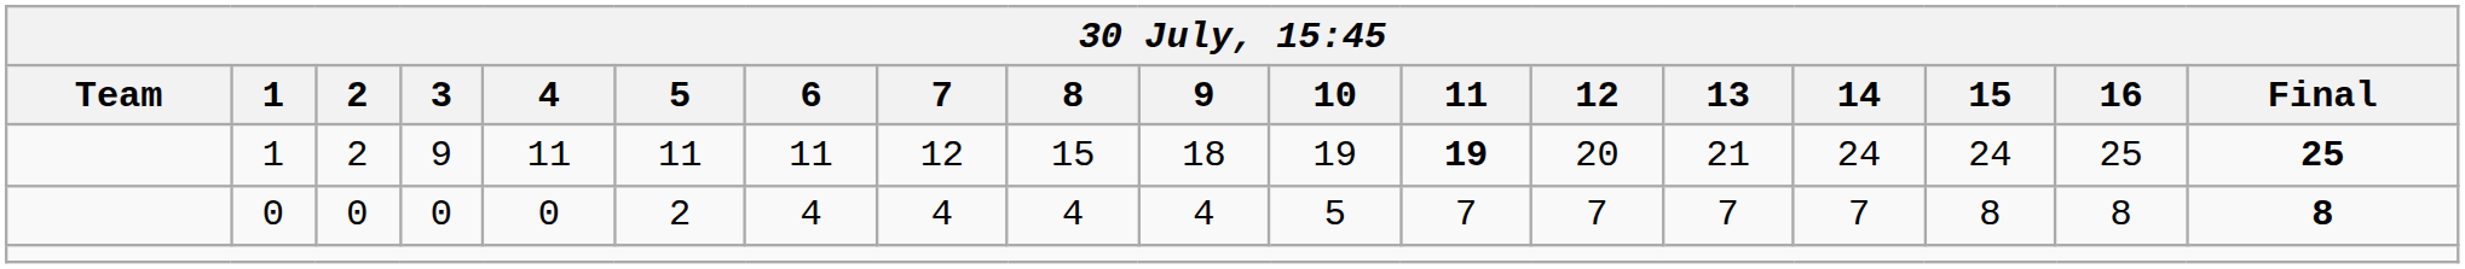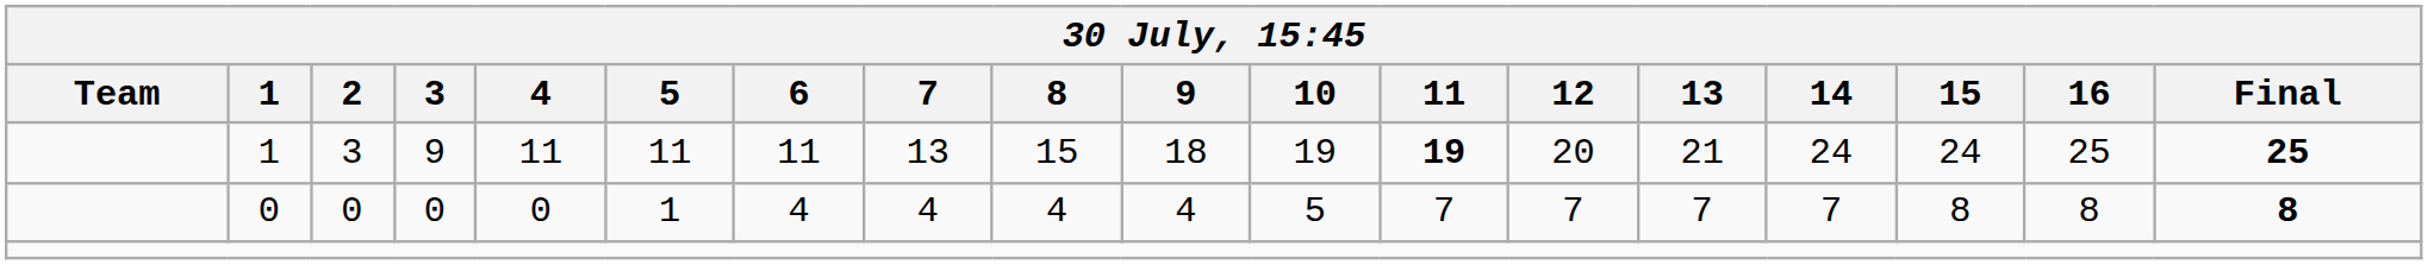 <table class=wikitable style="text-align:center; width: 55%">
 <tr>
 <th colspan=20><em>30 July, 15:45</em></th>
 </tr>
 <tr>
 <th>Team</th>
 <th>1</th>
 <th>2</th>
 <th>3</th>
 <th>4</th>
 <th>5</th>
 <th>6</th>
 <th>7</th>
 <th>8</th>
 <th>9</th>
 <th>10</th>
 <th>11</th>
 <th>12</th>
 <th>13</th>
 <th>14</th>
 <th>15</th>
 <th>16</th>
 <th>Final</th>
 </tr>
 <tr>
 <td align=left><strong></strong></td>
 <td>1</td>
-<td>2</td>
+<td>3</td>
 <td>9</td>
 <td>11</td>
 <td>11</td>
 <td>11</td>
-<td>12</td>
+<td>13</td>
 <td>15</td>
 <td>18</td>
 <td>19</td>
 <td><strong>19</strong></td>
 <td>20</td>
 <td>21</td>
 <td>24</td>
 <td>24</td>
 <td>25</td>
 <td><strong>25</strong></td>
 </tr>
 <tr>
 <td align=left></td>
 <td>0</td>
 <td>0</td>
 <td>0</td>
 <td>0</td>
-<td>2</td>
+<td>1</td>
 <td>4</td>
 <td>4</td>
 <td>4</td>
 <td>4</td>
 <td>5</td>
 <td>7</td>
 <td>7</td>
 <td>7</td>
 <td>7</td>
 <td>8</td>
 <td>8</td>
 <td><strong>8</strong></td>
 </tr>
 <tr>
 <td colspan=20></td>
 </tr>
 </table>
